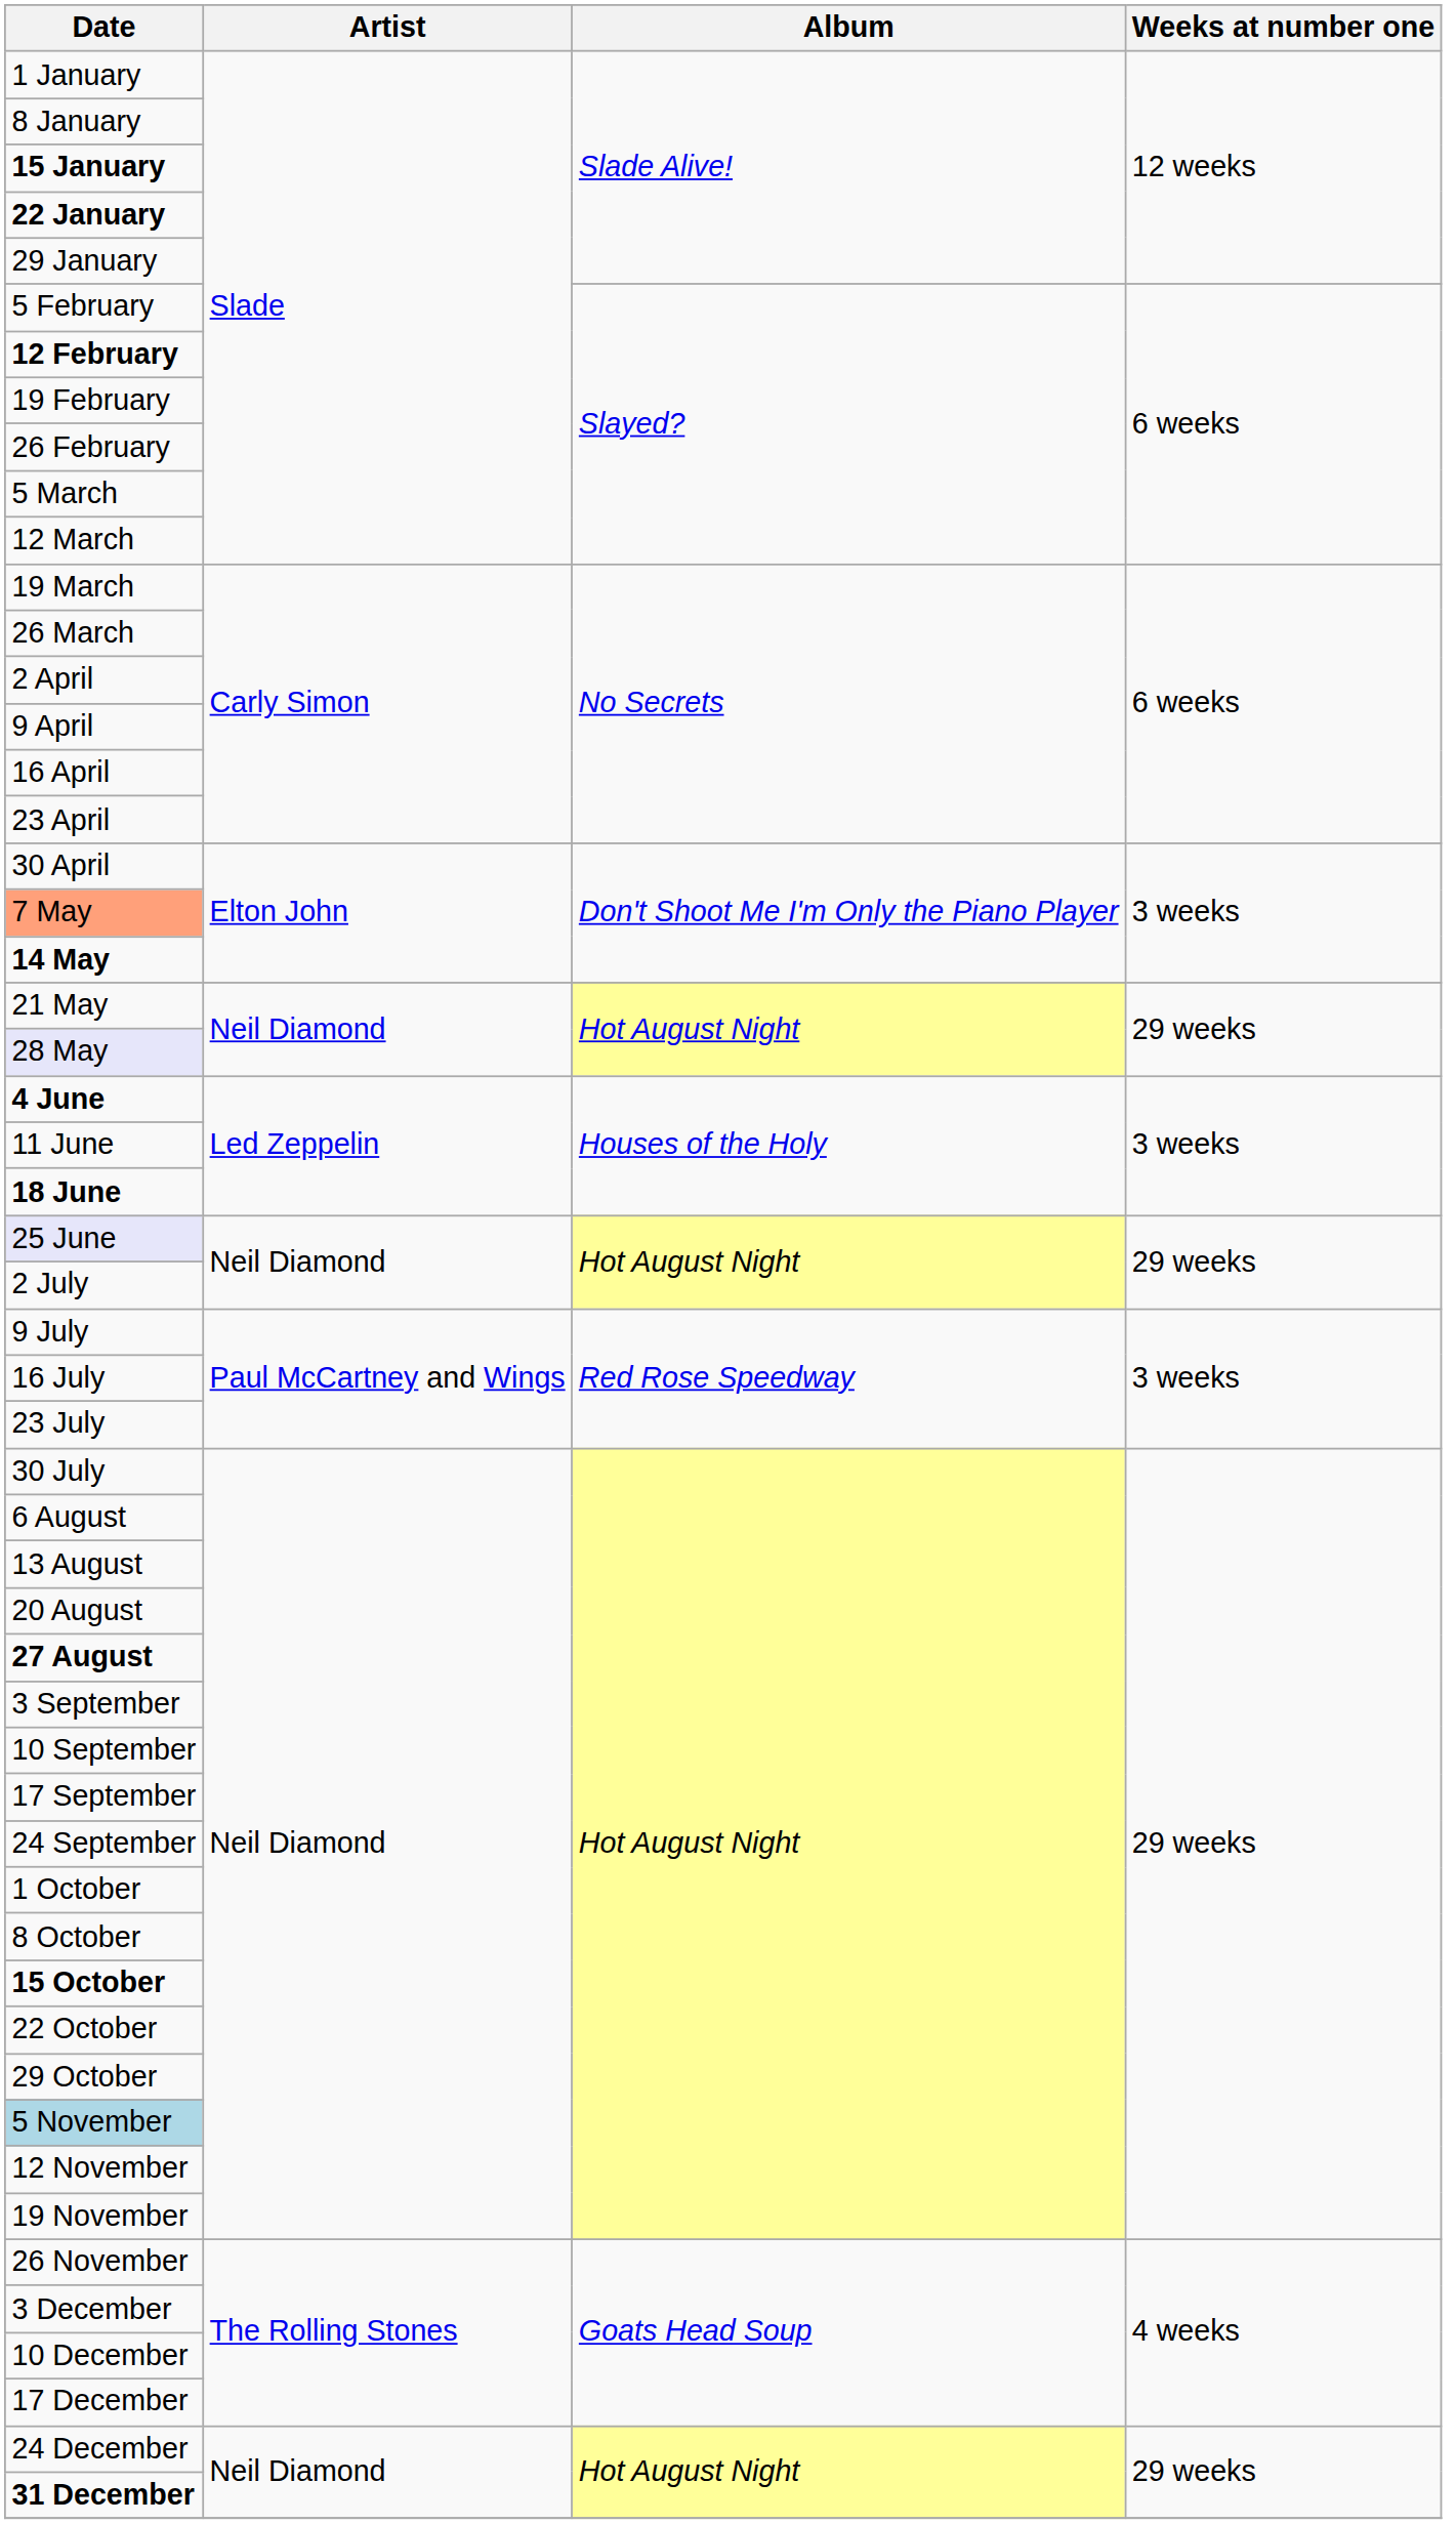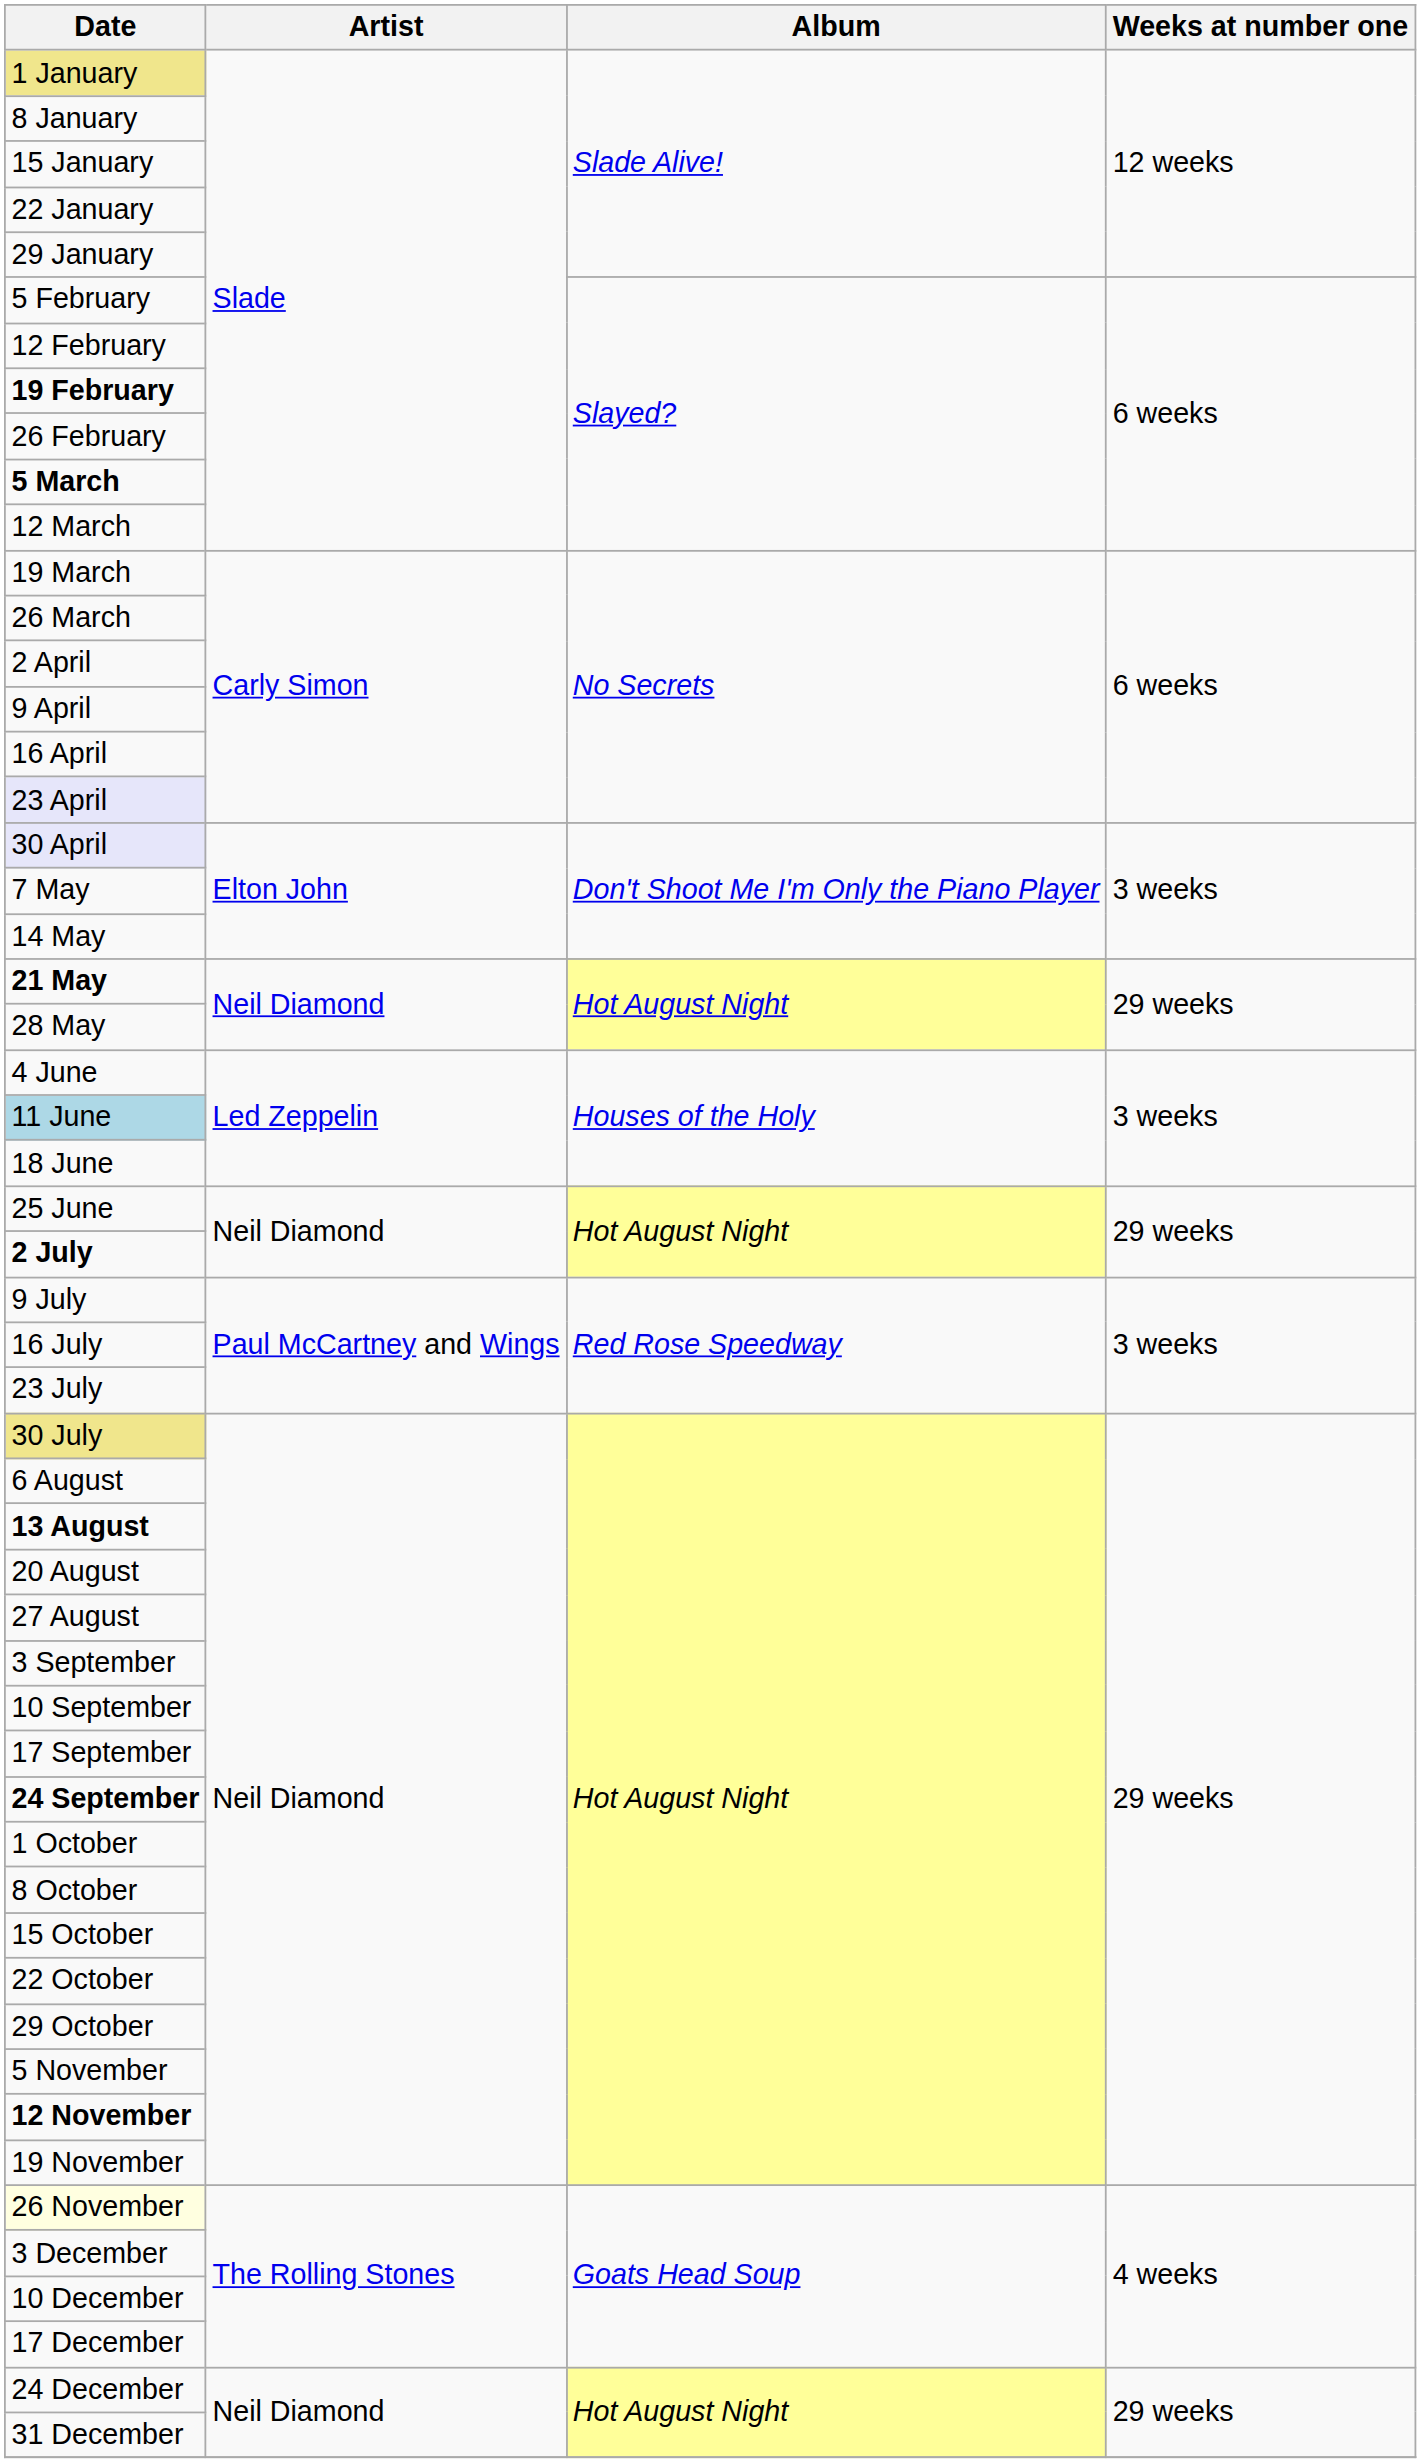 <table class="wikitable">
 <tr>
 <th>Date</th>
 <th>Artist</th>
 <th>Album</th>
 <th>Weeks at number one</th>
 </tr>
 <tr>
-<td>1 January</td>
+<td style="background: khaki;">1 January</td>
 <td rowspan="11"><a href='#'>Slade</a></td>
 <td rowspan="5"><em><a href='#'>Slade Alive!</a></em></td>
 <td rowspan="5">12 weeks</td>
 </tr>
 <tr>
 <td>8 January</td>
 </tr>
 <tr>
-<td><strong>15 January</strong></td>
+<td>15 January</td>
 </tr>
 <tr>
-<td><strong>22 January</strong></td>
+<td>22 January</td>
 </tr>
 <tr>
 <td>29 January</td>
 </tr>
 <tr>
 <td>5 February</td>
 <td rowspan="6"><em><a href='#'>Slayed?</a></em></td>
 <td rowspan="6">6 weeks</td>
 </tr>
 <tr>
-<td><strong>12 February</strong></td>
+<td>12 February</td>
 </tr>
 <tr>
-<td>19 February</td>
+<td><strong>19 February</strong></td>
 </tr>
 <tr>
 <td>26 February</td>
 </tr>
 <tr>
-<td>5 March</td>
+<td><strong>5 March</strong></td>
 </tr>
 <tr>
 <td>12 March</td>
 </tr>
 <tr>
 <td>19 March</td>
 <td rowspan="6"><a href='#'>Carly Simon</a></td>
 <td rowspan="6"><em><a href='#'>No Secrets</a></em></td>
 <td rowspan="6">6 weeks</td>
 </tr>
 <tr>
 <td>26 March</td>
 </tr>
 <tr>
 <td>2 April</td>
 </tr>
 <tr>
 <td>9 April</td>
 </tr>
 <tr>
 <td>16 April</td>
 </tr>
 <tr>
-<td>23 April</td>
+<td style="background: lavender;">23 April</td>
 </tr>
 <tr>
-<td>30 April</td>
+<td style="background: lavender;">30 April</td>
 <td rowspan="3"><a href='#'>Elton John</a></td>
 <td rowspan="3"><em><a href='#'>Don't Shoot Me I'm Only the Piano Player</a></em></td>
 <td rowspan="3">3 weeks</td>
 </tr>
 <tr>
-<td style="background: lightsalmon;">7 May</td>
+<td>7 May</td>
 </tr>
 <tr>
-<td><strong>14 May</strong></td>
+<td>14 May</td>
 </tr>
 <tr>
-<td>21 May</td>
+<td><strong>21 May</strong></td>
 <td rowspan="2"><a href='#'>Neil Diamond</a></td>
 <td bgcolor=#FFFF99 rowspan="2"><em><a href='#'>Hot August Night</a></em></td>
 <td rowspan="2">29 weeks</td>
 </tr>
 <tr>
-<td style="background: lavender;">28 May</td>
+<td>28 May</td>
 </tr>
 <tr>
-<td><strong>4 June</strong></td>
+<td>4 June</td>
 <td rowspan="3"><a href='#'>Led Zeppelin</a></td>
 <td rowspan="3"><em><a href='#'>Houses of the Holy</a></em></td>
 <td rowspan="3">3 weeks</td>
 </tr>
 <tr>
-<td>11 June</td>
+<td style="background: lightblue;">11 June</td>
 </tr>
 <tr>
-<td><strong>18 June</strong></td>
+<td>18 June</td>
 </tr>
 <tr>
-<td style="background: lavender;">25 June</td>
+<td>25 June</td>
 <td rowspan="2">Neil Diamond</td>
 <td bgcolor=#FFFF99 rowspan="2"><em>Hot August Night</em></td>
 <td rowspan="2">29 weeks</td>
 </tr>
 <tr>
-<td>2 July</td>
+<td><strong>2 July</strong></td>
 </tr>
 <tr>
 <td>9 July</td>
 <td rowspan="3"><a href='#'>Paul McCartney</a> and <a href='#'>Wings</a></td>
 <td rowspan="3"><em><a href='#'>Red Rose Speedway</a></em></td>
 <td rowspan="3">3 weeks</td>
 </tr>
 <tr>
 <td>16 July</td>
 </tr>
 <tr>
 <td>23 July</td>
 </tr>
 <tr>
-<td>30 July</td>
+<td style="background: khaki;">30 July</td>
 <td rowspan="17">Neil Diamond</td>
 <td bgcolor=#FFFF99 rowspan="17"><em>Hot August Night</em></td>
 <td rowspan="17">29 weeks</td>
 </tr>
 <tr>
 <td>6 August</td>
 </tr>
 <tr>
-<td>13 August</td>
+<td><strong>13 August</strong></td>
 </tr>
 <tr>
 <td>20 August</td>
 </tr>
 <tr>
-<td><strong>27 August</strong></td>
+<td>27 August</td>
 </tr>
 <tr>
 <td>3 September</td>
 </tr>
 <tr>
 <td>10 September</td>
 </tr>
 <tr>
 <td>17 September</td>
 </tr>
 <tr>
-<td>24 September</td>
+<td><strong>24 September</strong></td>
 </tr>
 <tr>
 <td>1 October</td>
 </tr>
 <tr>
 <td>8 October</td>
 </tr>
 <tr>
-<td><strong>15 October</strong></td>
+<td>15 October</td>
 </tr>
 <tr>
 <td>22 October</td>
 </tr>
 <tr>
 <td>29 October</td>
 </tr>
 <tr>
-<td style="background: lightblue;">5 November</td>
+<td>5 November</td>
 </tr>
 <tr>
-<td>12 November</td>
+<td><strong>12 November</strong></td>
 </tr>
 <tr>
 <td>19 November</td>
 </tr>
 <tr>
-<td>26 November</td>
+<td style="background: lightyellow;">26 November</td>
 <td rowspan="4"><a href='#'>The Rolling Stones</a></td>
 <td rowspan="4"><em><a href='#'>Goats Head Soup</a></em></td>
 <td rowspan="4">4 weeks</td>
 </tr>
 <tr>
 <td>3 December</td>
 </tr>
 <tr>
 <td>10 December</td>
 </tr>
 <tr>
 <td>17 December</td>
 </tr>
 <tr>
 <td>24 December</td>
 <td rowspan="2">Neil Diamond</td>
 <td bgcolor=#FFFF99 rowspan="2"><em>Hot August Night</em></td>
 <td rowspan="2">29 weeks</td>
 </tr>
 <tr>
-<td><strong>31 December</strong></td>
+<td>31 December</td>
 </tr>
 <tr>
 </tr>
 </table>
